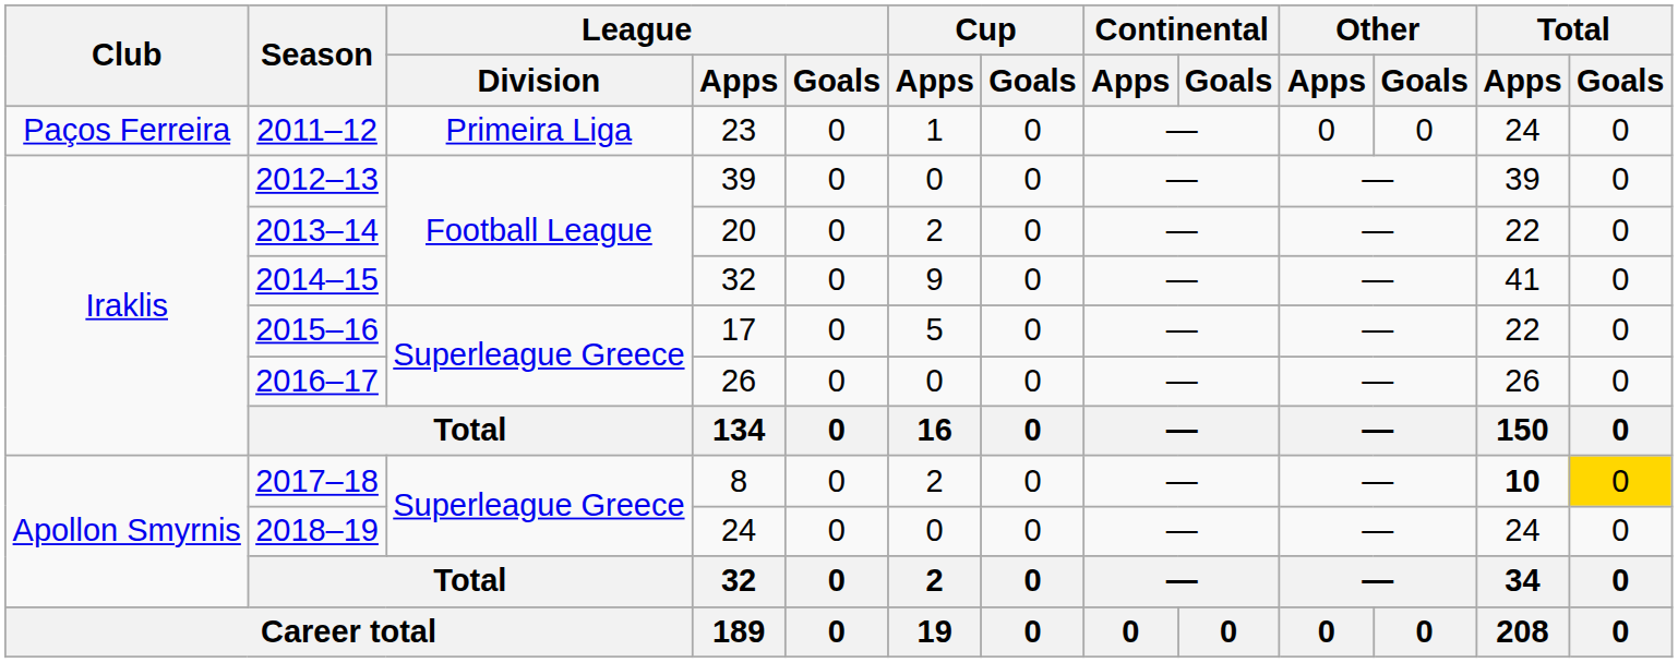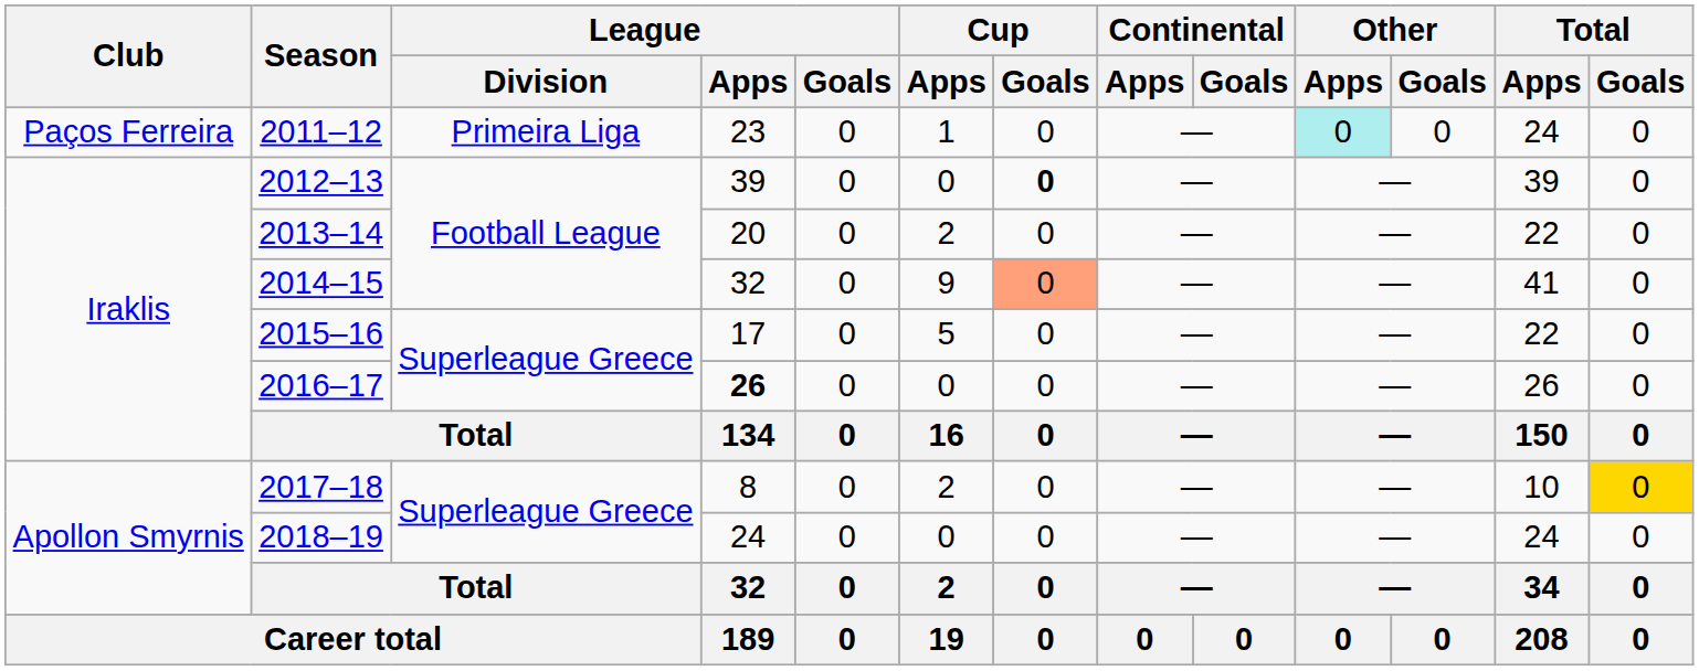 <table class="wikitable" style="text-align:center">
 <tr>
 <th rowspan=2>Club</th>
 <th rowspan=2>Season</th>
 <th colspan=3>League</th>
 <th colspan=2>Cup</th>
 <th colspan=2>Continental</th>
 <th colspan=2>Other</th>
 <th colspan=2>Total</th>
 </tr>
 <tr>
 <th>Division</th>
 <th>Apps</th>
 <th>Goals</th>
 <th>Apps</th>
 <th>Goals</th>
 <th>Apps</th>
 <th>Goals</th>
 <th>Apps</th>
 <th>Goals</th>
 <th>Apps</th>
 <th>Goals</th>
 </tr>
 <tr>
 <td><a href='#'>Paços Ferreira</a></td>
 <td><a href='#'>2011–12</a></td>
 <td><a href='#'>Primeira Liga</a></td>
 <td>23</td>
 <td>0</td>
 <td>1</td>
 <td>0</td>
 <td colspan="2">—</td>
-<td>0</td>
+<td style="background: paleturquoise;">0</td>
 <td>0</td>
 <td>24</td>
 <td>0</td>
 </tr>
 <tr>
 <td rowspan=6><a href='#'>Iraklis</a></td>
 <td><a href='#'>2012–13</a></td>
 <td rowspan=3><a href='#'>Football League</a></td>
 <td>39</td>
 <td>0</td>
 <td>0</td>
-<td>0</td>
+<td><strong>0</strong></td>
 <td colspan="2">—</td>
 <td colspan="2">—</td>
 <td>39</td>
 <td>0</td>
 </tr>
 <tr>
 <td><a href='#'>2013–14</a></td>
 <td>20</td>
 <td>0</td>
 <td>2</td>
 <td>0</td>
 <td colspan="2">—</td>
 <td colspan="2">—</td>
 <td>22</td>
 <td>0</td>
 </tr>
 <tr>
 <td><a href='#'>2014–15</a></td>
 <td>32</td>
 <td>0</td>
 <td>9</td>
-<td>0</td>
+<td style="background: lightsalmon;">0</td>
 <td colspan="2">—</td>
 <td colspan="2">—</td>
 <td>41</td>
 <td>0</td>
 </tr>
 <tr>
 <td><a href='#'>2015–16</a></td>
 <td rowspan=2><a href='#'>Superleague Greece</a></td>
 <td>17</td>
 <td>0</td>
 <td>5</td>
 <td>0</td>
 <td colspan="2">—</td>
 <td colspan="2">—</td>
 <td>22</td>
 <td>0</td>
 </tr>
 <tr>
 <td><a href='#'>2016–17</a></td>
-<td>26</td>
+<td><strong>26</strong></td>
 <td>0</td>
 <td>0</td>
 <td>0</td>
 <td colspan="2">—</td>
 <td colspan="2">—</td>
 <td>26</td>
 <td>0</td>
 </tr>
 <tr>
 <th colspan="2">Total</th>
 <th>134</th>
 <th>0</th>
 <th>16</th>
 <th>0</th>
 <th colspan="2">—</th>
 <th colspan="2">—</th>
 <th>150</th>
 <th>0</th>
 </tr>
 <tr>
 <td rowspan=3><a href='#'>Apollon Smyrnis</a></td>
 <td><a href='#'>2017–18</a></td>
 <td rowspan=2><a href='#'>Superleague Greece</a></td>
 <td>8</td>
 <td>0</td>
 <td>2</td>
 <td>0</td>
 <td colspan="2">—</td>
 <td colspan="2">—</td>
-<td><strong>10</strong></td>
+<td>10</td>
 <td style="background: gold;">0</td>
 </tr>
 <tr>
 <td><a href='#'>2018–19</a></td>
 <td>24</td>
 <td>0</td>
 <td>0</td>
 <td>0</td>
 <td colspan="2">—</td>
 <td colspan="2">—</td>
 <td>24</td>
 <td>0</td>
 </tr>
 <tr>
 <th colspan="2">Total</th>
 <th>32</th>
 <th>0</th>
 <th>2</th>
 <th>0</th>
 <th colspan="2">—</th>
 <th colspan="2">—</th>
 <th>34</th>
 <th>0</th>
 </tr>
 <tr>
 <th colspan="3">Career total</th>
 <th>189</th>
 <th>0</th>
 <th>19</th>
 <th>0</th>
 <th>0</th>
 <th>0</th>
 <th>0</th>
 <th>0</th>
 <th>208</th>
 <th>0</th>
 </tr>
 </table>
